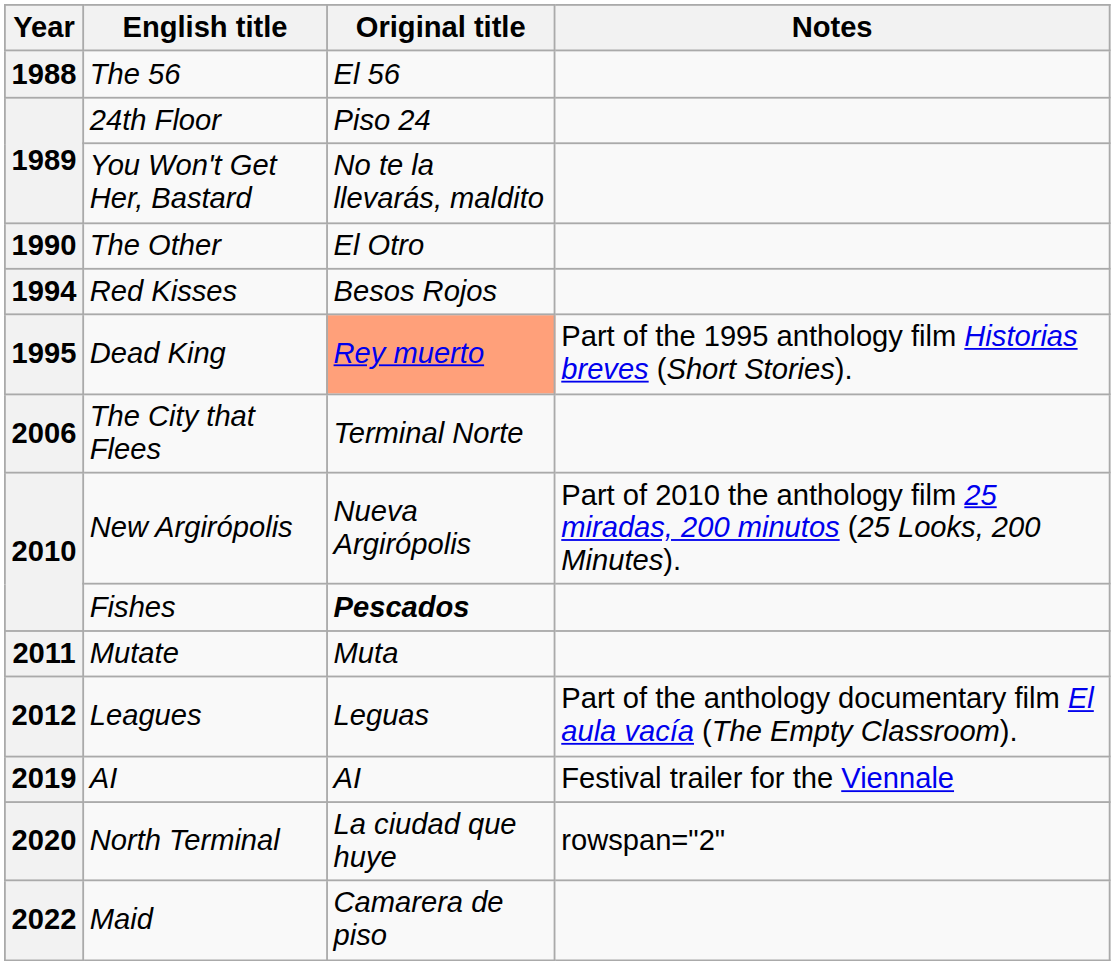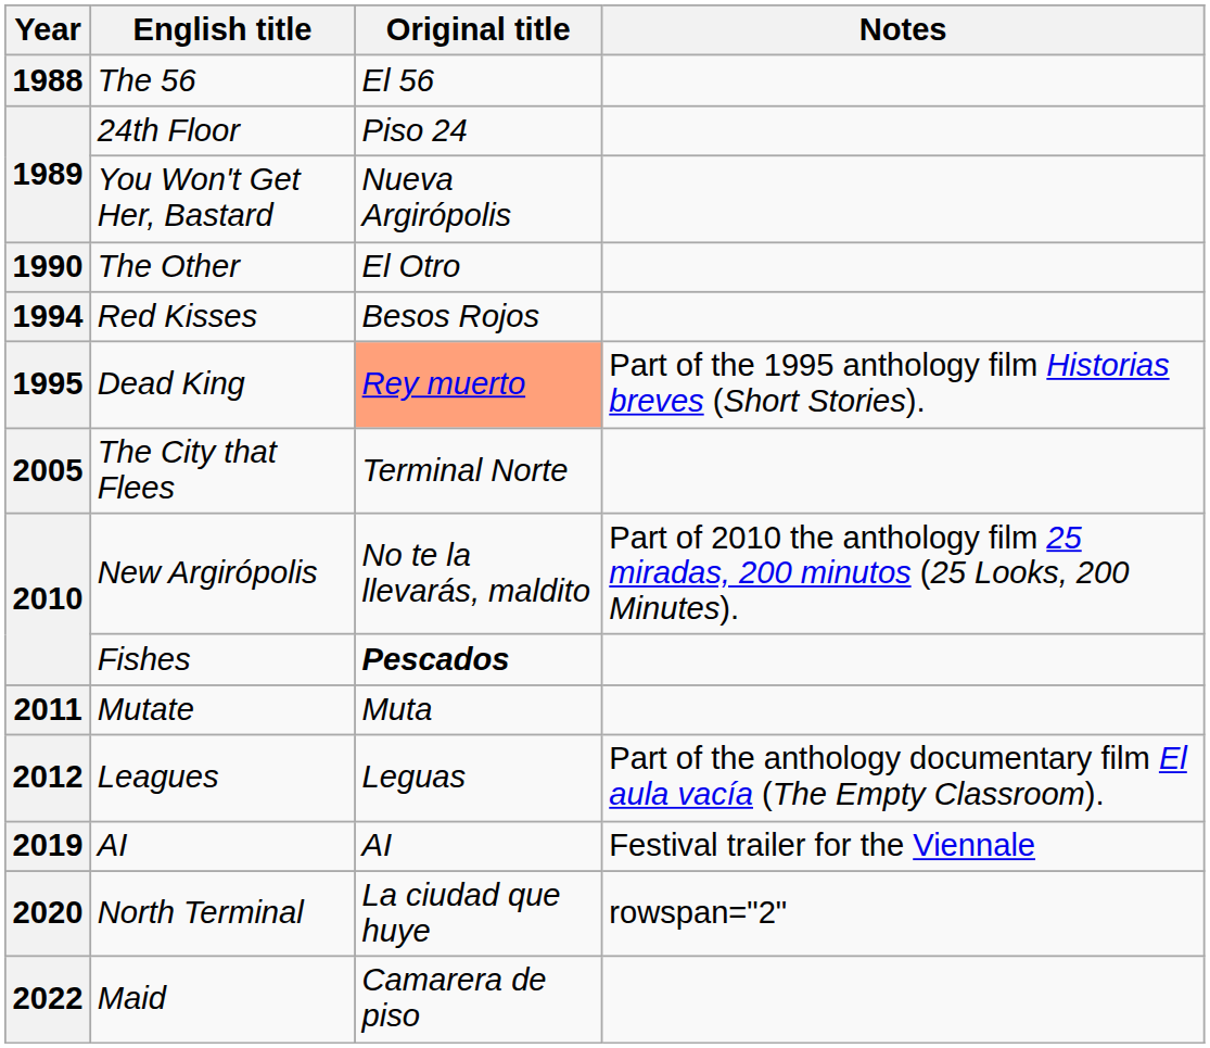 <table class="wikitable sortable plainrowheaders">
 <tr>
 <th scope="col">Year</th>
 <th scope="col">English title</th>
 <th scope="col">Original title</th>
 <th scope="col" class="unsortable">Notes</th>
 </tr>
 <tr>
 <th scope="row">1988</th>
 <td><em>The 56</em></td>
 <td><em>El 56</em></td>
 <td></td>
 </tr>
 <tr>
 <th scope="row" rowspan="2">1989</th>
 <td><em>24th Floor</em></td>
 <td><em>Piso 24</em></td>
 <td></td>
 </tr>
 <tr>
 <td><em>You Won't Get Her, Bastard</em></td>
-<td><em>No te la llevarás, maldito</em></td>
+<td><em>Nueva Argirópolis</em></td>
 <td></td>
 </tr>
 <tr>
 <th scope="row">1990</th>
 <td><em>The Other</em></td>
 <td><em>El Otro</em></td>
 <td></td>
 </tr>
 <tr>
 <th scope="row">1994</th>
 <td><em>Red Kisses</em></td>
 <td><em>Besos Rojos</em></td>
 <td></td>
 </tr>
 <tr>
 <th scope="row">1995</th>
 <td><em>Dead King</em></td>
 <td style="background: lightsalmon;"><em><a href='#'>Rey muerto</a></em></td>
 <td>Part of the 1995 anthology film <em><a href='#'>Historias breves</a></em> (<em>Short Stories</em>).</td>
 </tr>
 <tr>
-<th scope="row">2006</th>
+<th scope="row">2005</th>
 <td><em>The City that Flees</em></td>
 <td><em>Terminal Norte</em></td>
 <td></td>
 </tr>
 <tr>
 <th scope="row" rowspan="2">2010</th>
 <td><em>New Argirópolis</em></td>
-<td><em>Nueva Argirópolis</em></td>
+<td><em>No te la llevarás, maldito</em></td>
 <td>Part of 2010 the anthology film <em><a href='#'>25 miradas, 200 minutos</a></em> (<em>25 Looks, 200 Minutes</em>).</td>
 </tr>
 <tr>
 <td><em>Fishes</em></td>
 <td><strong><em>Pescados</em></strong></td>
 <td></td>
 </tr>
 <tr>
 <th scope="row">2011</th>
 <td><em>Mutate</em></td>
 <td><em>Muta</em></td>
 <td></td>
 </tr>
 <tr>
 <th scope="row">2012</th>
 <td><em>Leagues</em></td>
 <td><em>Leguas</em></td>
 <td>Part of the anthology documentary film <em><a href='#'>El aula vacía</a></em> (<em>The Empty Classroom</em>).</td>
 </tr>
 <tr>
 <th scope="row">2019</th>
 <td><em>AI</em></td>
 <td><em>AI</em></td>
 <td>Festival trailer for the <a href='#'>Viennale</a></td>
 </tr>
 <tr>
 <th scope="row">2020</th>
 <td><em>North Terminal</em></td>
 <td><em>La ciudad que huye</em></td>
 <td>rowspan="2" </td>
 </tr>
 <tr>
 <th scope="row">2022</th>
 <td><em>Maid</em></td>
 <td><em>Camarera de piso</em></td>
 </tr>
 </table>
